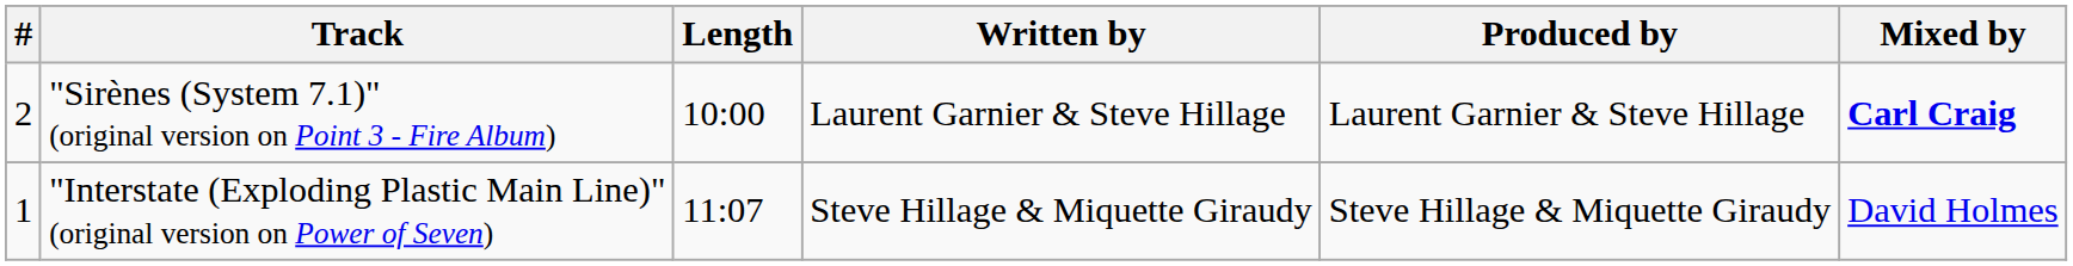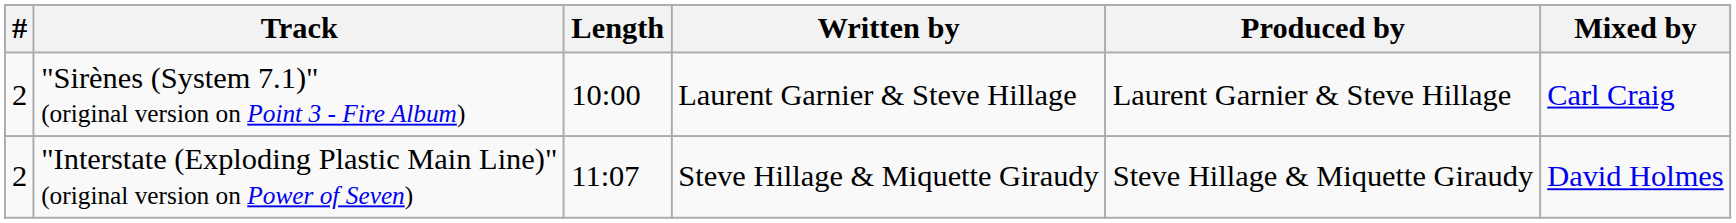 <table class="wikitable">
 <tr>
 <th>#</th>
 <th>Track</th>
 <th>Length</th>
 <th>Written by</th>
 <th>Produced by</th>
 <th>Mixed by</th>
 </tr>
 <tr>
 <td>2</td>
 <td>"Sirènes (System 7.1)"  <br> <small>(original version on <em><a href='#'>Point 3 - Fire Album</a></em>)</small></td>
 <td>10:00</td>
 <td>Laurent Garnier & Steve Hillage</td>
 <td>Laurent Garnier & Steve Hillage</td>
-<td><strong><a href='#'>Carl Craig</a></strong></td>
+<td><a href='#'>Carl Craig</a></td>
 </tr>
 <tr>
-<td>1</td>
+<td>2</td>
 <td>"Interstate (Exploding Plastic Main Line)" <br> <small>(original version on <em><a href='#'>Power of Seven</a></em>)</small></td>
 <td>11:07</td>
 <td>Steve Hillage & Miquette Giraudy</td>
 <td>Steve Hillage & Miquette Giraudy</td>
 <td><a href='#'>David Holmes</a></td>
 </tr>
 </table>
